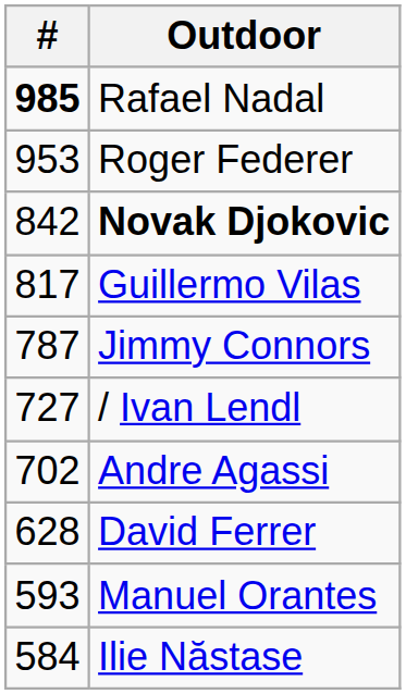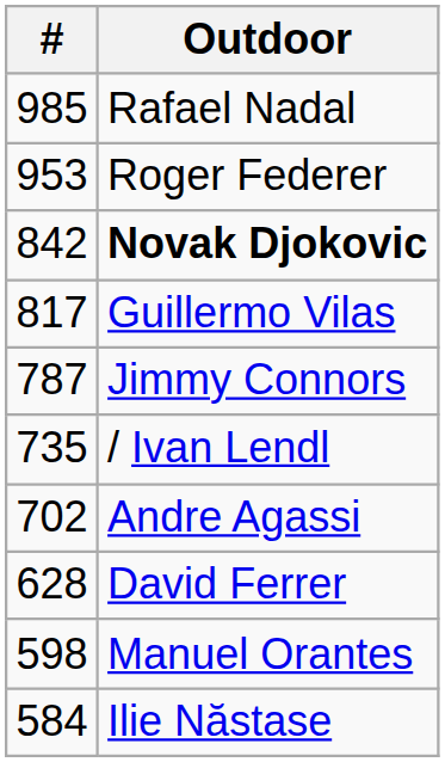 <table class=wikitable style="display:inline-table;">
 <tr>
 <th>#</th>
 <th>Outdoor</th>
 </tr>
 <tr>
-<td><strong>985</strong></td>
+<td>985</td>
 <td> Rafael Nadal</td>
 </tr>
 <tr>
 <td>953</td>
 <td> Roger Federer</td>
 </tr>
 <tr>
 <td>842</td>
 <td> <strong>Novak Djokovic</strong></td>
 </tr>
 <tr>
 <td>817</td>
 <td> <a href='#'>Guillermo Vilas</a></td>
 </tr>
 <tr>
 <td>787</td>
 <td> <a href='#'>Jimmy Connors</a></td>
 </tr>
 <tr>
-<td>727</td>
+<td>735</td>
 <td>/ <a href='#'>Ivan Lendl</a></td>
 </tr>
 <tr>
 <td>702</td>
 <td> <a href='#'>Andre Agassi</a></td>
 </tr>
 <tr>
 <td>628</td>
 <td> <a href='#'>David Ferrer</a></td>
 </tr>
 <tr>
-<td>593</td>
+<td>598</td>
 <td> <a href='#'>Manuel Orantes</a></td>
 </tr>
 <tr>
 <td>584</td>
 <td> <a href='#'>Ilie Năstase</a></td>
 </tr>
 </table>
